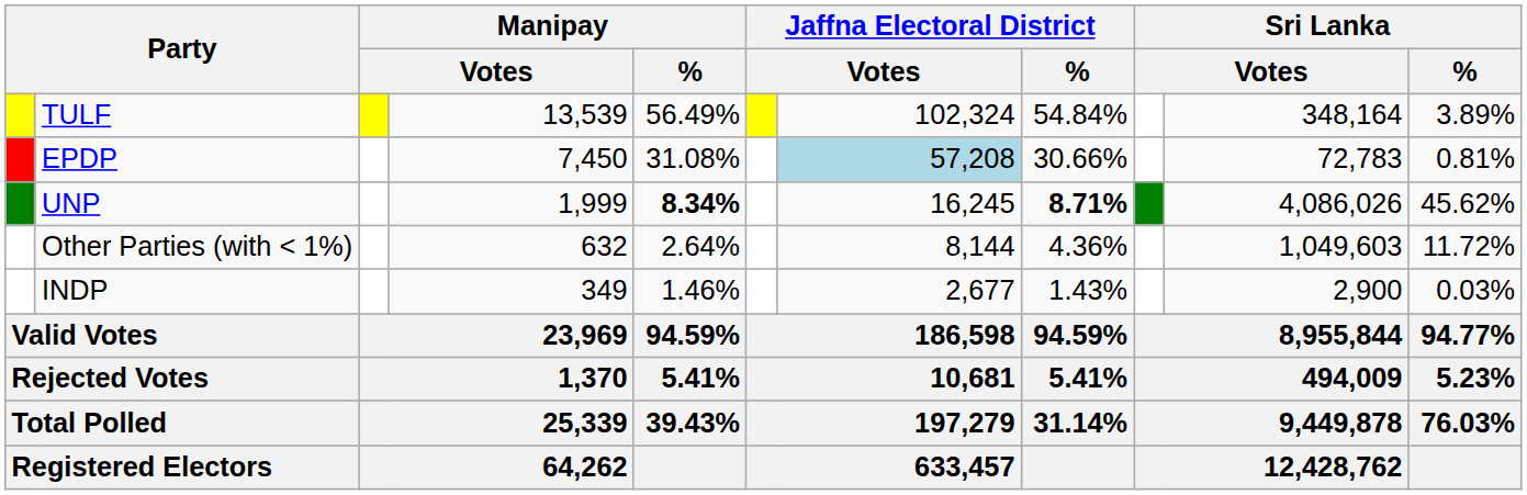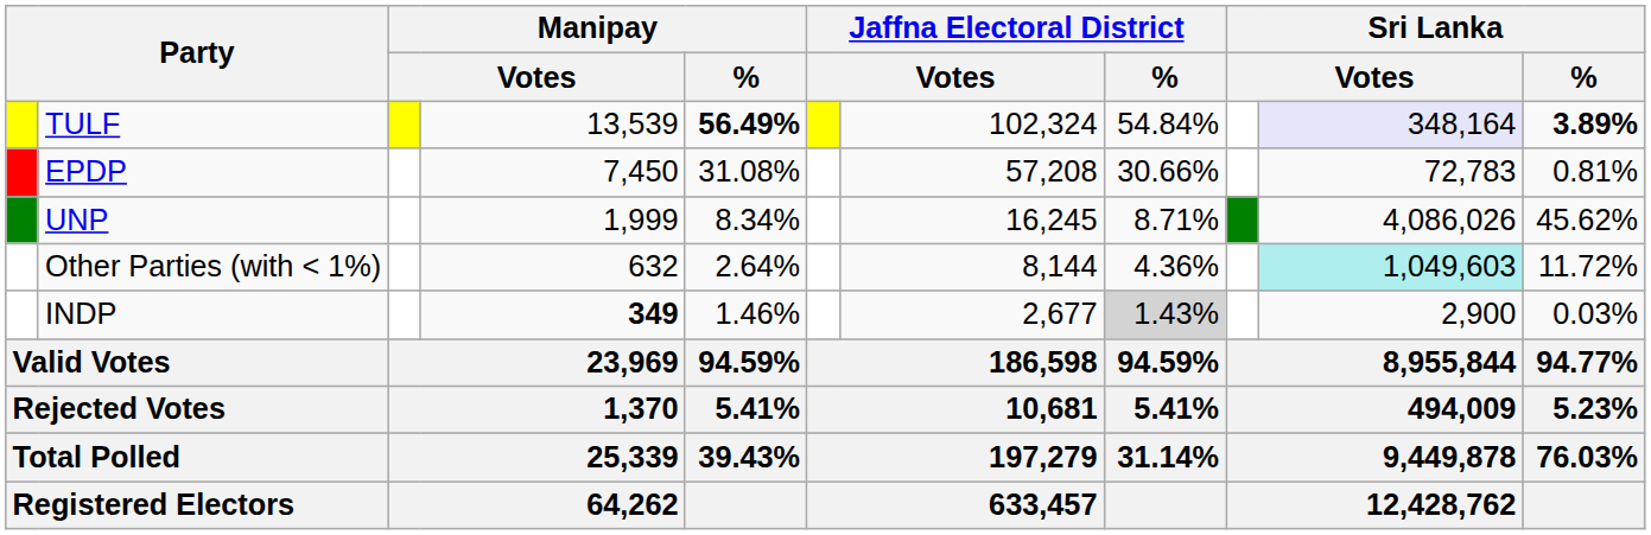 <table class="wikitable">
 <tr>
 <th colspan="2" width="144px"rowspan="2">Party</th>
 <th colspan="3" width="216px">Manipay</th>
 <th colspan="3" width="216px"><a href='#'>Jaffna Electoral District</a></th>
 <th colspan="3" width="216px">Sri Lanka</th>
 </tr>
 <tr>
 <th colspan="2" width="144px">Votes</th>
 <th>%</th>
 <th colspan="2" width="144px">Votes</th>
 <th>%</th>
 <th colspan="2" width="144px">Votes</th>
 <th>%</th>
 </tr>
 <tr>
 <td style="background-color:yellow;" width="10px"></td>
 <td style="text-align:left;"><a href='#'>TULF</a></td>
 <td style="background-color:yellow;" width="10px"></td>
 <td style="text-align:right;">13,539</td>
-<td style="text-align:right;">56.49%</td>
+<td style="text-align:right;"><strong>56.49%</strong></td>
 <td style="background-color:yellow;" width="10px"></td>
 <td style="text-align:right;">102,324</td>
 <td style="text-align:right;">54.84%</td>
 <td style="background-color:white;" width="10px"></td>
-<td style="text-align:right;">348,164</td>
-<td style="text-align:right;">3.89%</td>
+<td style="background: lavender; text-align:right;">348,164</td>
+<td style="text-align:right;"><strong>3.89%</strong></td>
 </tr>
 <tr>
 <td style="background-color:red;" width="10px"></td>
 <td style="text-align:left;"><a href='#'>EPDP</a></td>
 <td style="background-color:white;" width="10px"></td>
 <td style="text-align:right;">7,450</td>
 <td style="text-align:right;">31.08%</td>
 <td style="background-color:white;" width="10px"></td>
-<td style="background: lightblue; text-align:right;">57,208</td>
+<td style="text-align:right;">57,208</td>
 <td style="text-align:right;">30.66%</td>
 <td style="background-color:white;" width="10px"></td>
 <td style="text-align:right;">72,783</td>
 <td style="text-align:right;">0.81%</td>
 </tr>
 <tr>
 <td style="background-color:green;" width="10px"></td>
 <td style="text-align:left;"><a href='#'>UNP</a></td>
 <td style="background-color:white;" width="10px"></td>
 <td style="text-align:right;">1,999</td>
-<td style="text-align:right;"><strong>8.34%</strong></td>
+<td style="text-align:right;">8.34%</td>
 <td style="background-color:white;" width="10px"></td>
 <td style="text-align:right;">16,245</td>
-<td style="text-align:right;"><strong>8.71%</strong></td>
+<td style="text-align:right;">8.71%</td>
 <td style="background-color:green;" width="10px"></td>
 <td style="text-align:right;">4,086,026</td>
 <td style="text-align:right;">45.62%</td>
 </tr>
 <tr>
 <td style="background-color:white;" width="10px"></td>
 <td style="text-align:left;">Other Parties (with < 1%)</td>
 <td style="background-color:white;" width="10px"></td>
 <td style="text-align:right;">632</td>
 <td style="text-align:right;">2.64%</td>
 <td style="background-color:white;" width="10px"></td>
 <td style="text-align:right;">8,144</td>
 <td style="text-align:right;">4.36%</td>
 <td style="background-color:white;" width="10px"></td>
-<td style="text-align:right;">1,049,603</td>
+<td style="background: paleturquoise; text-align:right;">1,049,603</td>
 <td style="text-align:right;">11.72%</td>
 </tr>
 <tr>
 <td style="background-color:white;" width="10px"></td>
 <td style="text-align:left;">INDP</td>
 <td style="background-color:white;" width="10px"></td>
-<td style="text-align:right;">349</td>
+<td style="text-align:right;"><strong>349</strong></td>
 <td style="text-align:right;">1.46%</td>
 <td style="background-color:white;" width="10px"></td>
 <td style="text-align:right;">2,677</td>
-<td style="text-align:right;">1.43%</td>
+<td style="background: lightgrey; text-align:right;">1.43%</td>
 <td style="background-color:white;" width="10px"></td>
 <td style="text-align:right;">2,900</td>
 <td style="text-align:right;">0.03%</td>
 </tr>
 <tr>
 <th colspan="2" width="144px"style="text-align:left;">Valid Votes</th>
 <th style="text-align:right;"colspan="2" width="144px">23,969</th>
 <th style="text-align:right;">94.59%</th>
 <th style="text-align:right;"colspan="2" width="144px">186,598</th>
 <th style="text-align:right;">94.59%</th>
 <th style="text-align:right;"colspan="2" width="144px">8,955,844</th>
 <th style="text-align:right;">94.77%</th>
 </tr>
 <tr>
 <th colspan="2" width="144px"style="text-align:left;">Rejected Votes</th>
 <th style="text-align:right;"colspan="2" width="144px">1,370</th>
 <th style="text-align:right;">5.41%</th>
 <th style="text-align:right;"colspan="2" width="144px">10,681</th>
 <th style="text-align:right;">5.41%</th>
 <th style="text-align:right;"colspan="2" width="144px">494,009</th>
 <th style="text-align:right;">5.23%</th>
 </tr>
 <tr>
 <th colspan="2" width="144px"style="text-align:left;">Total Polled</th>
 <th style="text-align:right;"colspan="2" width="144px">25,339</th>
 <th style="text-align:right;">39.43%</th>
 <th style="text-align:right;"colspan="2" width="144px">197,279</th>
 <th style="text-align:right;">31.14%</th>
 <th style="text-align:right;"colspan="2" width="144px">9,449,878</th>
 <th style="text-align:right;">76.03%</th>
 </tr>
 <tr>
 <th colspan="2" width="144px"style="text-align:left;">Registered Electors</th>
 <th style="text-align:right;"colspan="2" width="144px">64,262</th>
 <th></th>
 <th style="text-align:right;"colspan="2" width="144px">633,457</th>
 <th></th>
 <th style="text-align:right;"colspan="2" width="144px">12,428,762</th>
 <th></th>
 </tr>
 </table>
